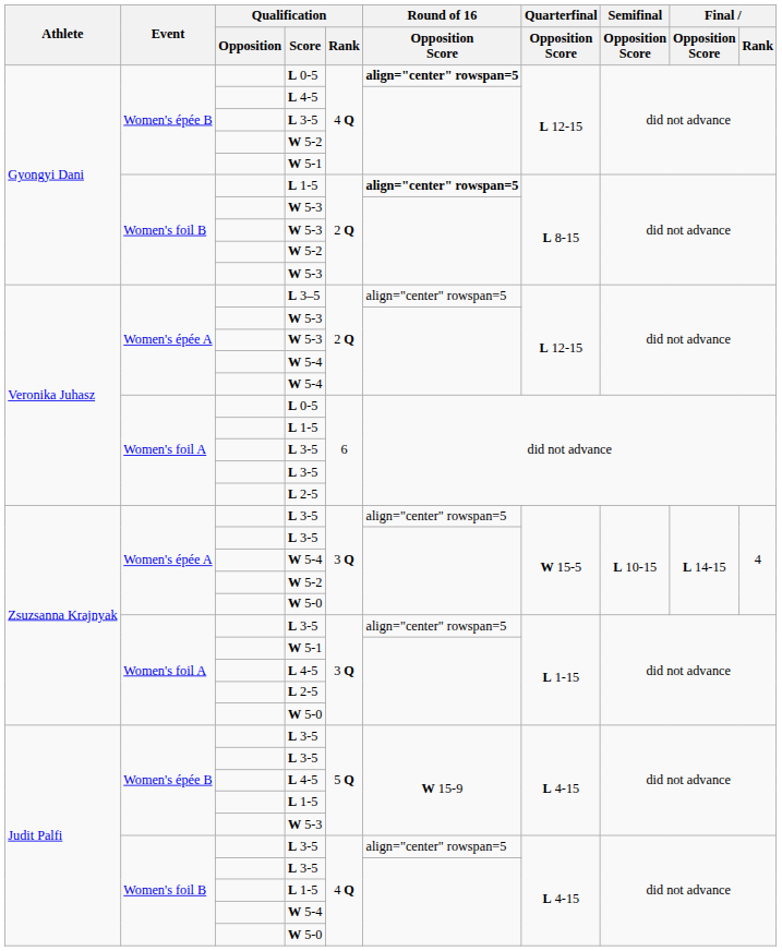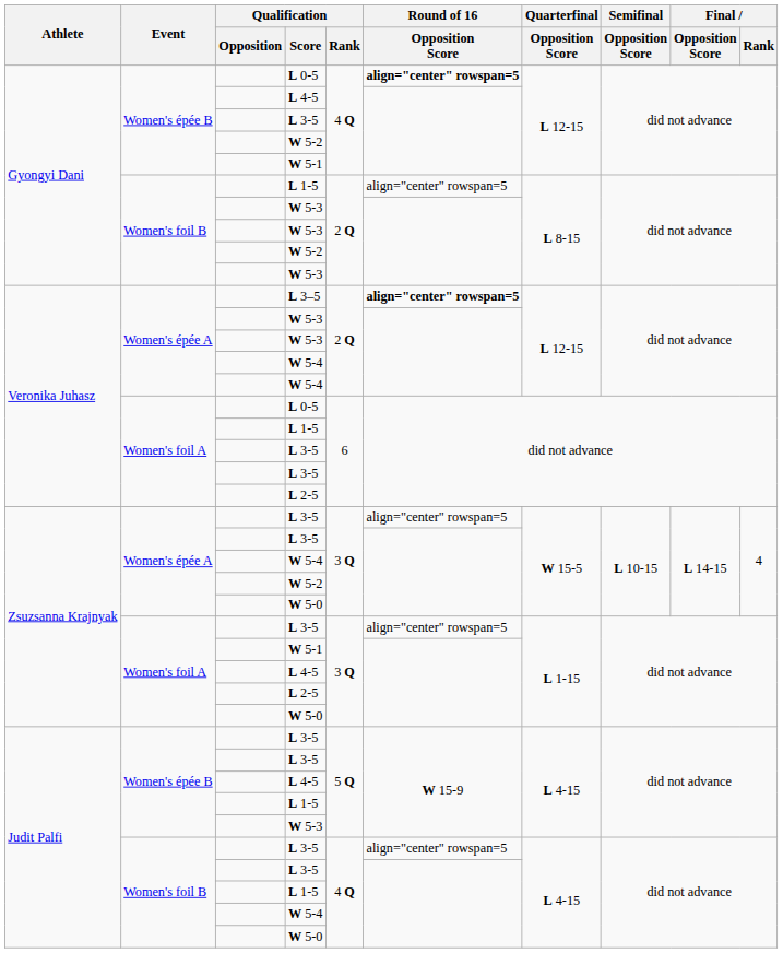 <table class=wikitable style="font-size:90%">
 <tr>
 <th rowspan="2">Athlete</th>
 <th rowspan="2">Event</th>
 <th colspan="3">Qualification</th>
 <th>Round of 16</th>
 <th>Quarterfinal</th>
 <th>Semifinal</th>
 <th colspan="2">Final / </th>
 </tr>
 <tr>
 <th>Opposition</th>
 <th>Score</th>
 <th>Rank</th>
 <th>Opposition<br>Score</th>
 <th>Opposition<br>Score</th>
 <th>Opposition<br>Score</th>
 <th>Opposition<br>Score</th>
 <th>Rank</th>
 </tr>
 <tr>
 <td rowspan=10><a href='#'>Gyongyi Dani</a></td>
 <td rowspan=5><a href='#'>Women's épée B</a></td>
 <td></td>
 <td><strong>L</strong> 0-5</td>
 <td align="center" rowspan=5>4 <strong>Q</strong></td>
 <td><strong>align="center" rowspan=5 </strong></td>
 <td align="center" rowspan=5><br><strong>L</strong> 12-15</td>
 <td align="center" rowspan=5 colspan=3>did not advance</td>
 </tr>
 <tr>
 <td></td>
 <td><strong>L</strong> 4-5</td>
 </tr>
 <tr>
 <td></td>
 <td><strong>L</strong> 3-5</td>
 </tr>
 <tr>
 <td></td>
 <td><strong>W</strong> 5-2</td>
 </tr>
 <tr>
 <td></td>
 <td><strong>W</strong> 5-1</td>
 </tr>
 <tr>
 <td rowspan=5><a href='#'>Women's foil B</a></td>
 <td></td>
 <td><strong>L</strong> 1-5</td>
 <td align="center" rowspan=5>2 <strong>Q</strong></td>
-<td><strong>align="center" rowspan=5 </strong></td>
+<td>align="center" rowspan=5 </td>
 <td align="center" rowspan=5><br><strong>L</strong> 8-15</td>
 <td align="center" rowspan=5 colspan=3>did not advance</td>
 </tr>
 <tr>
 <td></td>
 <td><strong>W</strong> 5-3</td>
 </tr>
 <tr>
 <td></td>
 <td><strong>W</strong> 5-3</td>
 </tr>
 <tr>
 <td></td>
 <td><strong>W</strong> 5-2</td>
 </tr>
 <tr>
 <td></td>
 <td><strong>W</strong> 5-3</td>
 </tr>
 <tr>
 <td rowspan=10><a href='#'>Veronika Juhasz</a></td>
 <td rowspan=5><a href='#'>Women's épée A</a></td>
 <td></td>
 <td><strong>L</strong> 3–5</td>
 <td align="center" rowspan=5>2 <strong>Q</strong></td>
-<td>align="center" rowspan=5 </td>
+<td><strong>align="center" rowspan=5 </strong></td>
 <td align="center" rowspan=5><br><strong>L</strong> 12-15</td>
 <td align="center" rowspan=5 colspan=3>did not advance</td>
 </tr>
 <tr>
 <td></td>
 <td><strong>W</strong> 5-3</td>
 </tr>
 <tr>
 <td></td>
 <td><strong>W</strong> 5-3</td>
 </tr>
 <tr>
 <td></td>
 <td><strong>W</strong> 5-4</td>
 </tr>
 <tr>
 <td></td>
 <td><strong>W</strong> 5-4</td>
 </tr>
 <tr>
 <td rowspan=5><a href='#'>Women's foil A</a></td>
 <td></td>
 <td><strong>L</strong> 0-5</td>
 <td align="center" rowspan=5>6</td>
 <td align="center" rowspan=5 colspan=5>did not advance</td>
 </tr>
 <tr>
 <td></td>
 <td><strong>L</strong> 1-5</td>
 </tr>
 <tr>
 <td></td>
 <td><strong>L</strong> 3-5</td>
 </tr>
 <tr>
 <td></td>
 <td><strong>L</strong> 3-5</td>
 </tr>
 <tr>
 <td></td>
 <td><strong>L</strong> 2-5</td>
 </tr>
 <tr>
 <td rowspan=10><a href='#'>Zsuzsanna Krajnyak</a></td>
 <td rowspan=5><a href='#'>Women's épée A</a></td>
 <td></td>
 <td><strong>L</strong> 3-5</td>
 <td align="center" rowspan=5>3 <strong>Q</strong></td>
 <td>align="center" rowspan=5 </td>
 <td align="center" rowspan=5><br><strong>W</strong> 15-5</td>
 <td align="center" rowspan=5><br><strong>L</strong> 10-15</td>
 <td align="center" rowspan=5><br><strong>L</strong> 14-15</td>
 <td align="center" rowspan=5>4</td>
 </tr>
 <tr>
 <td></td>
 <td><strong>L</strong> 3-5</td>
 </tr>
 <tr>
 <td></td>
 <td><strong>W</strong> 5-4</td>
 </tr>
 <tr>
 <td></td>
 <td><strong>W</strong> 5-2</td>
 </tr>
 <tr>
 <td></td>
 <td><strong>W</strong> 5-0</td>
 </tr>
 <tr>
 <td rowspan=5><a href='#'>Women's foil A</a></td>
 <td></td>
 <td><strong>L</strong> 3-5</td>
 <td align="center" rowspan=5>3 <strong>Q</strong></td>
 <td>align="center" rowspan=5 </td>
 <td align="center" rowspan=5><br><strong>L</strong> 1-15</td>
 <td align="center" rowspan=5 colspan=3>did not advance</td>
 </tr>
 <tr>
 <td></td>
 <td><strong>W</strong> 5-1</td>
 </tr>
 <tr>
 <td></td>
 <td><strong>L</strong> 4-5</td>
 </tr>
 <tr>
 <td></td>
 <td><strong>L</strong> 2-5</td>
 </tr>
 <tr>
 <td></td>
 <td><strong>W</strong> 5-0</td>
 </tr>
 <tr>
 <td rowspan=10><a href='#'>Judit Palfi</a></td>
 <td rowspan=5><a href='#'>Women's épée B</a></td>
 <td></td>
 <td><strong>L</strong> 3-5</td>
 <td align="center" rowspan=5>5 <strong>Q</strong></td>
 <td align="center" rowspan=5><br><strong>W</strong> 15-9</td>
 <td align="center" rowspan=5><br><strong>L</strong> 4-15</td>
 <td align="center" rowspan=5 colspan=3>did not advance</td>
 </tr>
 <tr>
 <td></td>
 <td><strong>L</strong> 3-5</td>
 </tr>
 <tr>
 <td></td>
 <td><strong>L</strong> 4-5</td>
 </tr>
 <tr>
 <td></td>
 <td><strong>L</strong> 1-5</td>
 </tr>
 <tr>
 <td></td>
 <td><strong>W</strong> 5-3</td>
 </tr>
 <tr>
 <td rowspan=5><a href='#'>Women's foil B</a></td>
 <td></td>
 <td><strong>L</strong> 3-5</td>
 <td align="center" rowspan=5>4 <strong>Q</strong></td>
 <td>align="center" rowspan=5 </td>
 <td align="center" rowspan=5><br><strong>L</strong> 4-15</td>
 <td align="center" rowspan=5 colspan=3>did not advance</td>
 </tr>
 <tr>
 <td></td>
 <td><strong>L</strong> 3-5</td>
 </tr>
 <tr>
 <td></td>
 <td><strong>L</strong> 1-5</td>
 </tr>
 <tr>
 <td></td>
 <td><strong>W</strong> 5-4</td>
 </tr>
 <tr>
 <td></td>
 <td><strong>W</strong> 5-0</td>
 </tr>
 </table>
